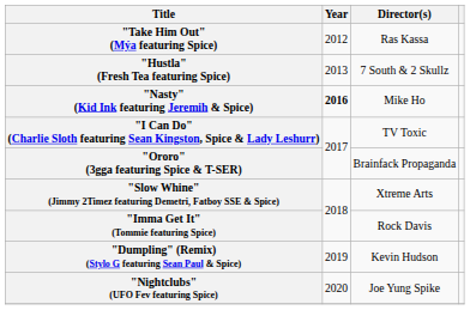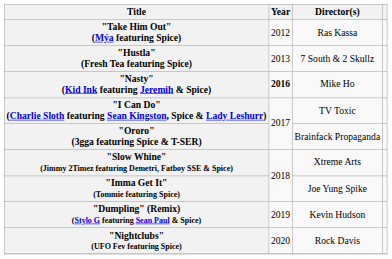 <table class="wikitable plainrowheaders" style="text-align:center;">
 <tr>
 <th scope="col">Title</th>
 <th scope="col">Year</th>
 <th scope="col">Director(s)</th>
 <th scope="col"></th>
 </tr>
 <tr>
 <th scope="row">"Take Him Out"<br><span>(<a href='#'>Mýa</a> featuring Spice)</span></th>
 <td>2012</td>
 <td>Ras Kassa</td>
 <td></td>
 </tr>
 <tr>
 <th scope="row">"Hustla"<br><span>(Fresh Tea featuring Spice)</span></th>
 <td>2013</td>
 <td>7 South & 2 Skullz</td>
 <td></td>
 </tr>
 <tr>
 <th scope="row">"Nasty"<br><span>(<a href='#'>Kid Ink</a> featuring <a href='#'>Jeremih</a> & Spice)</span></th>
 <td><strong>2016</strong></td>
 <td>Mike Ho</td>
 <td></td>
 </tr>
 <tr>
 <th scope="row">"I Can Do"<br><span>(<a href='#'>Charlie Sloth</a> featuring <a href='#'>Sean Kingston</a>, Spice & <a href='#'>Lady Leshurr</a>)</span></th>
 <td rowspan="2">2017</td>
 <td>TV Toxic</td>
 <td></td>
 </tr>
 <tr>
 <th scope="row">"Ororo"<br><span>(3gga featuring Spice & T-SER)</span></th>
 <td>Brainfack Propaganda</td>
 <td></td>
 </tr>
 <tr>
 <th scope="row">"Slow Whine"<br><small>(Jimmy 2Timez featuring Demetri, Fatboy SSE & Spice)</small></th>
 <td rowspan="2">2018</td>
 <td>Xtreme Arts</td>
 <td></td>
 </tr>
 <tr>
 <th scope="row">"Imma Get It"<br><small>(Tommie featuring Spice)</small></th>
-<td>Rock Davis</td>
+<td>Joe Yung Spike</td>
 <td></td>
 </tr>
 <tr>
 <th scope="row">"Dumpling" (Remix)<br><small>(<a href='#'>Stylo G</a> featuring <a href='#'>Sean Paul</a> & Spice)</small></th>
 <td>2019</td>
 <td>Kevin Hudson</td>
 <td></td>
 </tr>
 <tr>
 <th scope="row">"Nightclubs" <br><small>(UFO Fev featuring Spice)</small></th>
 <td>2020</td>
-<td>Joe Yung Spike</td>
+<td>Rock Davis</td>
 <td></td>
 </tr>
 <tr>
 </tr>
 </table>
